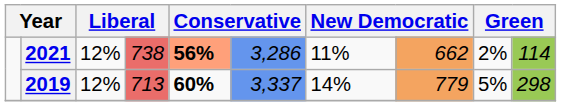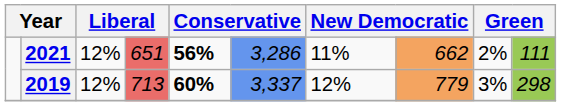 <table class="wikitable" style="width:400; font-size:90%; margin-left:1em;">
 <tr>
 <th colspan="2" scope="col">Year</th>
 <th colspan="2" scope="col"><a href='#'>Liberal</a></th>
 <th colspan="2" scope="col"><a href='#'>Conservative</a></th>
 <th colspan="2" scope="col"><a href='#'>New Democratic</a></th>
 <th colspan="2" scope="col"><a href='#'>Green</a></th>
 </tr>
 <tr>
 <td rowspan="2" style="width: 0.25em; background-color: "></td>
 <th><a href='#'>2021</a></th>
 <td>12%</td>
-<td style="text-align:right; background:#EA6D6A;"><em>738</em></td>
-<td style="background: lightsalmon;"><strong>56%</strong></td>
+<td style="text-align:right; background:#EA6D6A;"><em>651</em></td>
+<td><strong>56%</strong></td>
 <td style="text-align:right; background:#6495ED;"><em>3,286</em></td>
 <td>11%</td>
 <td style="text-align:right; background:#F4A460;"><em>662</em></td>
 <td>2%</td>
-<td style="text-align:right; background:#99C955;"><em>114</em></td>
+<td style="text-align:right; background:#99C955;"><em>111</em></td>
 </tr>
 <tr>
 <th><a href='#'>2019</a></th>
 <td>12%</td>
 <td style="text-align:right; background:#EA6D6A;"><em>713</em></td>
 <td><strong>60%</strong></td>
 <td style="text-align:right; background:#6495ED;"><em>3,337</em></td>
-<td>14%</td>
+<td>12%</td>
 <td style="text-align:right; background:#F4A460;"><em>779</em></td>
-<td>5%</td>
+<td>3%</td>
 <td style="text-align:right; background:#99C955;"><em>298</em></td>
 </tr>
 <tr>
 </tr>
 </table>
